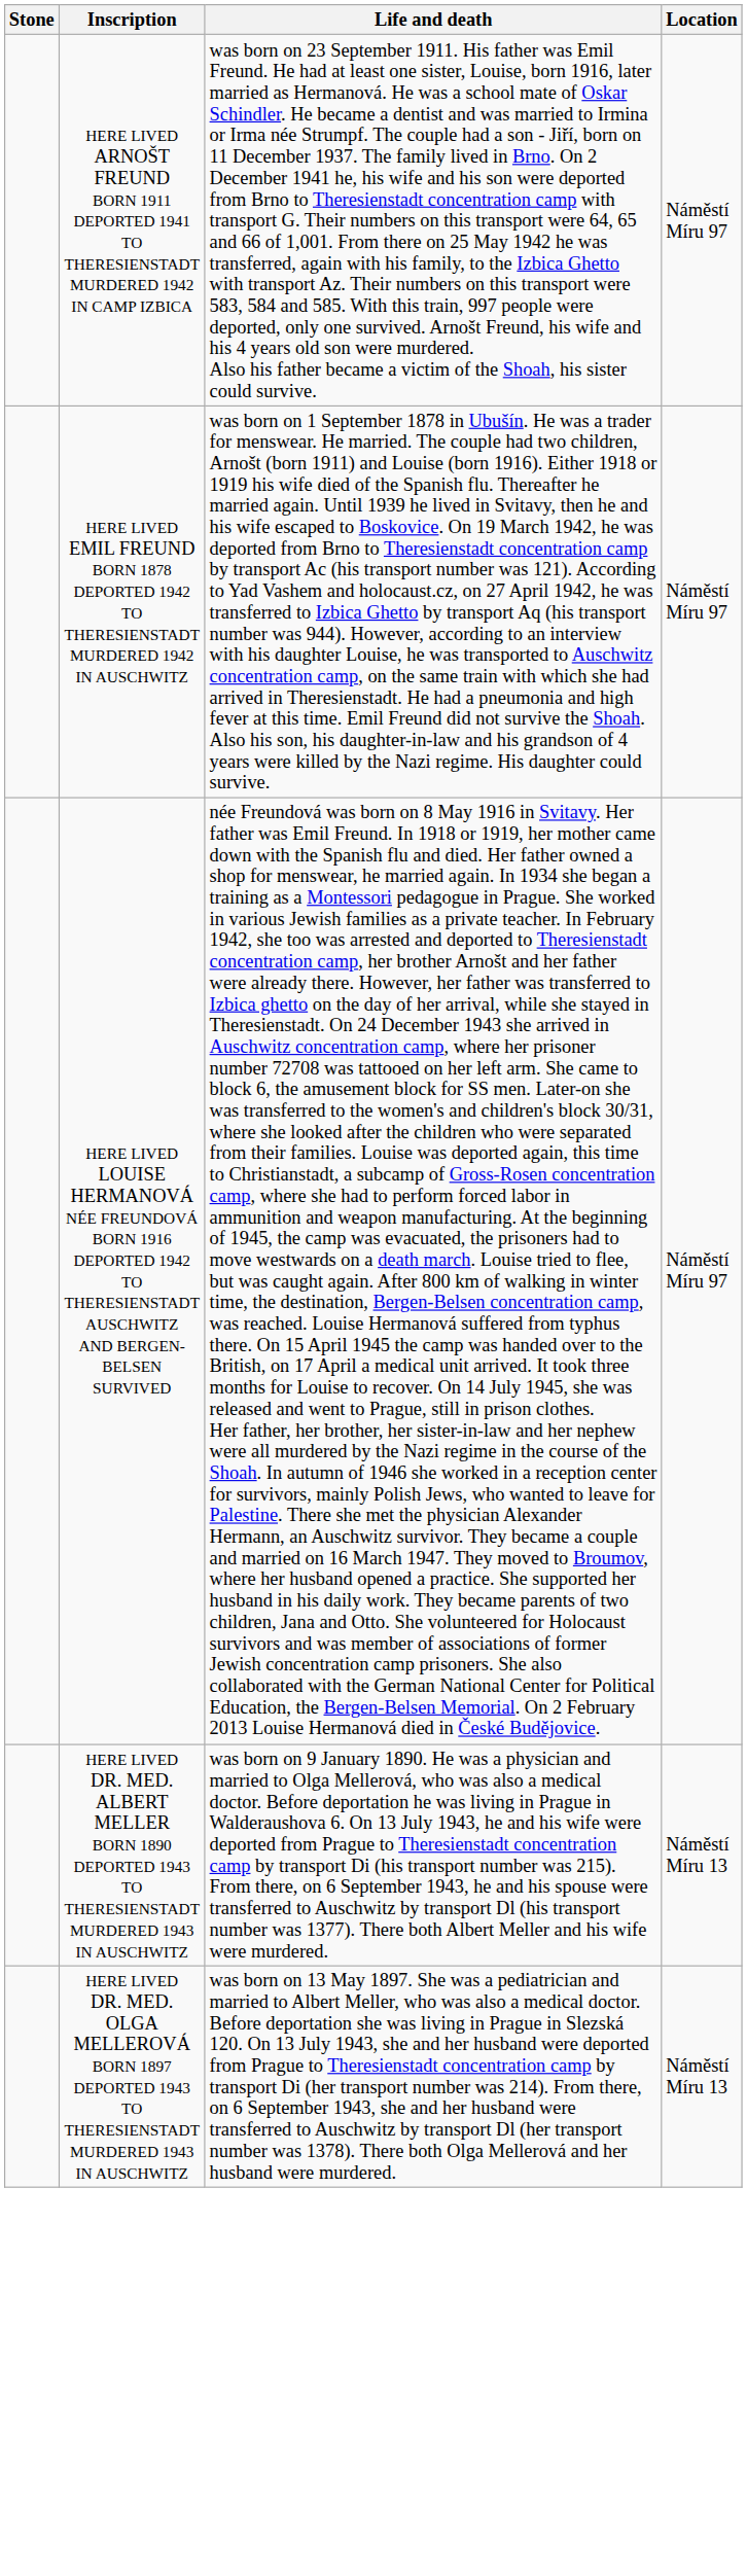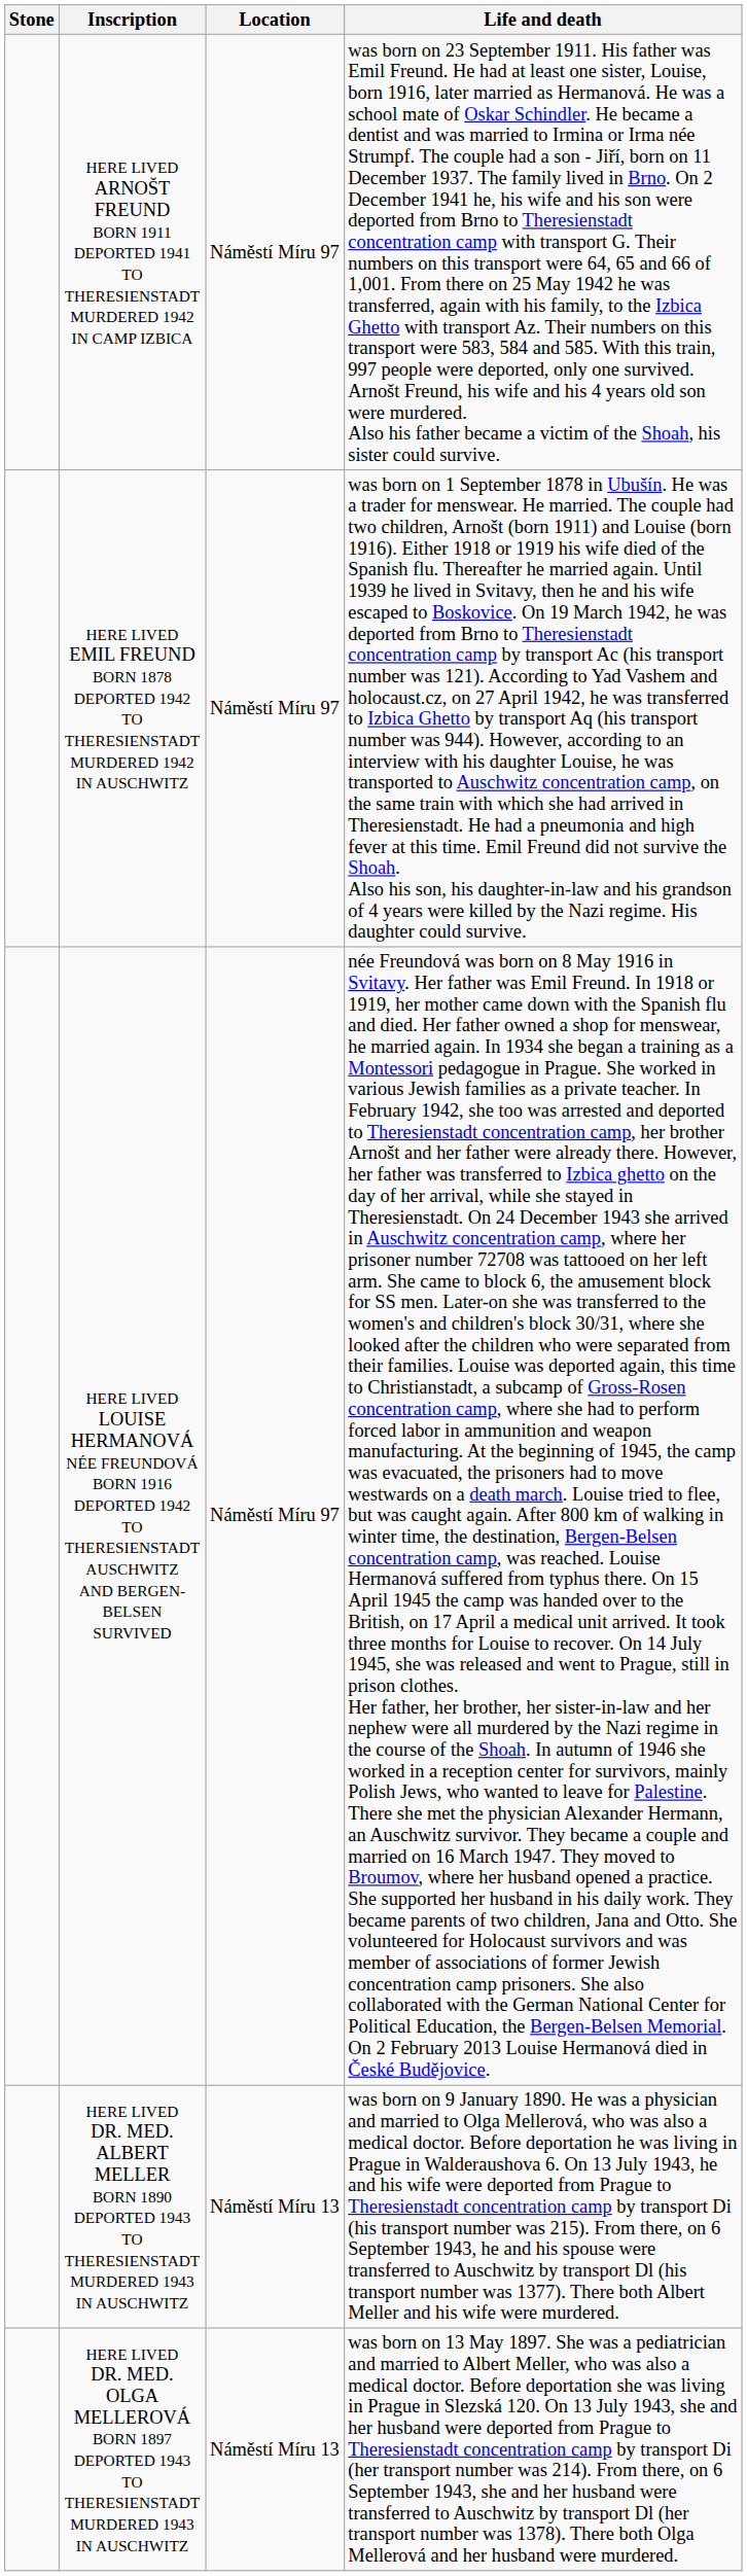 <table class="wikitable sortable toptextcells" style="width:100%">
 <tr>
 <th class="hintergrundfarbe6 unsortable" width="120px">Stone</th>
 <th class="hintergrundfarbe6 unsortable" style ="width:20%;">Inscription</th>
+<th class="hintergrundfarbe6" data-sort-type="text" style ="width:20%;">Location</th>
 <th class="hintergrundfarbe6" style="width:100%;">Life and death</th>
-<th class="hintergrundfarbe6" data-sort-type="text" style ="width:20%;">Location</th>
 </tr>
 <tr>
 <td></td>
 <td style="text-align:center"><div><small>HERE LIVED</small><br>ARNOŠT FREUND<br><small>BORN 1911<br>DEPORTED 1941<br>TO THERESIENSTADT<br>MURDERED 1942<br>IN CAMP IZBICA</small></div></td>
+<td>Náměstí Míru 97<br></td>
 <td><strong></strong> was born on 23 September 1911. His father was Emil Freund. He had at least one sister, Louise, born 1916, later married as Hermanová. He was a school mate of <a href='#'>Oskar Schindler</a>. He became a dentist and was married to Irmina or Irma née Strumpf. The couple had a son - Jiří, born on 11 December 1937. The family lived in <a href='#'>Brno</a>. On 2 December 1941 he, his wife and his son were deported from Brno to <a href='#'>Theresienstadt concentration camp</a> with transport G. Their numbers on this transport were 64, 65 and 66 of 1,001. From there on 25 May 1942 he was transferred, again with his family, to the <a href='#'>Izbica Ghetto</a> with transport Az. Their numbers on this transport were 583, 584 and 585. With this train, 997 people were deported, only one survived. Arnošt Freund, his wife and his 4 years old son were murdered.<br>Also his father became a victim of the <a href='#'>Shoah</a>, his sister could survive.</td>
-<td>Náměstí Míru 97<br></td>
 </tr>
 <tr>
 <td></td>
 <td style="text-align:center"><div><small>HERE LIVED</small><br>EMIL FREUND<br><small>BORN 1878<br>DEPORTED 1942<br>TO THERESIENSTADT<br>MURDERED 1942<br>IN AUSCHWITZ</small></div></td>
+<td>Náměstí Míru 97<br></td>
 <td><strong></strong> was born on 1 September 1878 in <a href='#'>Ubušín</a>. He was a trader for menswear. He married. The couple had two children, Arnošt (born 1911) and Louise (born 1916). Either 1918 or 1919 his wife died of the Spanish flu. Thereafter he married again. Until 1939 he lived in Svitavy, then he and his wife escaped to <a href='#'>Boskovice</a>. On 19 March 1942, he was deported from Brno to <a href='#'>Theresienstadt concentration camp</a> by transport Ac (his transport number was 121). According to Yad Vashem and holocaust.cz, on 27 April 1942, he was transferred to <a href='#'>Izbica Ghetto</a> by transport Aq (his transport number was 944). However, according to an interview with his daughter Louise, he was transported to <a href='#'>Auschwitz concentration camp</a>, on the same train with which she had arrived in Theresienstadt. He had a pneumonia and high fever at this time. Emil Freund did not survive the <a href='#'>Shoah</a>.<br>Also his son, his daughter-in-law and his grandson of 4 years were killed by the Nazi regime. His daughter could survive.</td>
-<td>Náměstí Míru 97<br></td>
 </tr>
 <tr>
 <td></td>
 <td style="text-align:center"><div><small>HERE LIVED</small><br>LOUISE HERMANOVÁ<br><small>NÉE FREUNDOVÁ<br>BORN 1916<br>DEPORTED 1942<br>TO THERESIENSTADT<br>AUSCHWITZ<br>AND BERGEN-BELSEN<br>SURVIVED</small></div></td>
+<td>Náměstí Míru 97<br></td>
 <td><strong></strong> née Freundová was born on 8 May 1916 in <a href='#'>Svitavy</a>. Her father was Emil Freund. In 1918 or 1919, her mother came down with the Spanish flu and died. Her father owned a shop for menswear, he married again. In 1934 she began a training as a <a href='#'>Montessori</a> pedagogue in Prague. She worked in various Jewish families as a private teacher. In February 1942, she too was arrested and deported to <a href='#'>Theresienstadt concentration camp</a>, her brother Arnošt and her father were already there. However, her father was transferred to <a href='#'>Izbica ghetto</a> on the day of her arrival, while she stayed in Theresienstadt. On 24 December 1943 she arrived in <a href='#'>Auschwitz concentration camp</a>, where her prisoner number 72708 was tattooed on her left arm. She came to block 6, the amusement block for SS men. Later-on she was transferred to the women's and children's block 30/31, where she looked after the children who were separated from their families. Louise was deported again, this time to Christianstadt, a subcamp of <a href='#'>Gross-Rosen concentration camp</a>, where she had to perform forced labor in ammunition and weapon manufacturing. At the beginning of 1945, the camp was evacuated, the prisoners had to move westwards on a <a href='#'>death march</a>. Louise tried to flee, but was caught again. After 800 km of walking in winter time, the destination, <a href='#'>Bergen-Belsen concentration camp</a>, was reached. Louise Hermanová suffered from typhus there. On 15 April 1945 the camp was handed over to the British, on 17 April a medical unit arrived. It took three months for Louise to recover. On 14 July 1945, she was released and went to Prague, still in prison clothes.<br>Her father, her brother, her sister-in-law and her nephew were all murdered by the Nazi regime in the course of the <a href='#'>Shoah</a>. In autumn of 1946 she worked in a reception center for survivors, mainly Polish Jews, who wanted to leave for <a href='#'>Palestine</a>. There she met the physician Alexander Hermann, an Auschwitz survivor. They became a couple and married on 16 March 1947. They moved to <a href='#'>Broumov</a>, where her husband opened a practice. She supported her husband in his daily work. They became parents of two children, Jana and Otto. She volunteered for Holocaust survivors and was member of associations of former Jewish concentration camp prisoners. She also collaborated with the German National Center for Political Education, the <a href='#'>Bergen-Belsen Memorial</a>. On 2 February 2013 Louise Hermanová died in <a href='#'>České Budějovice</a>.</td>
-<td>Náměstí Míru 97<br></td>
 </tr>
 <tr>
 <td></td>
 <td style="text-align:center"><div><small>HERE LIVED</small><br>DR. MED. ALBERT<br>MELLER<br><small>BORN 1890<br>DEPORTED 1943<br>TO THERESIENSTADT<br>MURDERED 1943<br>IN AUSCHWITZ</small></div></td>
+<td>Náměstí Míru 13<br></td>
 <td><strong></strong> was born on 9 January 1890. He was a physician and married to Olga Mellerová, who was also a medical doctor. Before deportation he was living in Prague in Walderaushova 6. On 13 July 1943, he and his wife were deported from Prague to <a href='#'>Theresienstadt concentration camp</a> by transport Di (his transport number was 215). From there, on 6 September 1943, he and his spouse were transferred to Auschwitz by transport Dl (his transport number was 1377). There both Albert Meller and his wife were murdered.</td>
-<td>Náměstí Míru 13<br></td>
 </tr>
 <tr>
 <td></td>
 <td style="text-align:center"><div><small>HERE LIVED</small><br>DR. MED. OLGA<br>MELLEROVÁ<br><small>BORN 1897<br>DEPORTED 1943<br>TO THERESIENSTADT<br>MURDERED 1943<br>IN AUSCHWITZ</small></div></td>
+<td>Náměstí Míru 13<br></td>
 <td><strong></strong> was born on 13 May 1897. She was a pediatrician and married to Albert Meller, who was also a medical doctor. Before deportation she was living in Prague in Slezská 120. On 13 July 1943, she and her husband were deported from Prague to <a href='#'>Theresienstadt concentration camp</a> by transport Di (her transport number was 214). From there, on 6 September 1943, she and her husband were transferred to Auschwitz by transport Dl (her transport number was 1378). There both Olga Mellerová and her husband were murdered.</td>
-<td>Náměstí Míru 13<br></td>
 </tr>
 </table>
